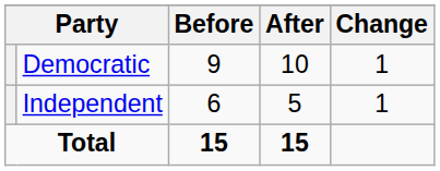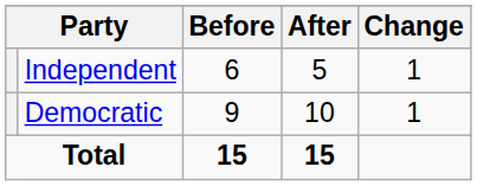 <table class="wikitable" style="text-align:center;">
 <tr>
 </tr>
 <tr>
 <th colspan=2>Party</th>
 <th>Before</th>
 <th>After</th>
 <th>Change</th>
 </tr>
 <tr>
 <th style="background-color:"></th>
-<td style="text-align:left;"><a href='#'>Democratic</a></td>
-<td>9</td>
-<td>10</td>
+<td style="text-align:left;"><a href='#'>Independent</a></td>
+<td>6</td>
+<td>5</td>
 <td> 1</td>
 </tr>
 <tr>
 <th style="background-color:"></th>
-<td style="text-align:left;"><a href='#'>Independent</a></td>
-<td>6</td>
-<td>5</td>
+<td style="text-align:left;"><a href='#'>Democratic</a></td>
+<td>9</td>
+<td>10</td>
 <td> 1</td>
 </tr>
 <tr>
 <td colspan=2><strong>Total</strong></td>
 <td><strong>15</strong></td>
 <td><strong>15</strong></td>
 <td></td>
 </tr>
 </table>
